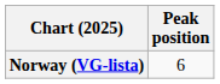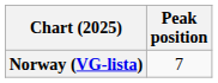 <table class="wikitable plainrowheaders" style="text-align:center">
 <tr>
 <th scope="col">Chart (2025)</th>
 <th scope="col">Peak<br>position</th>
 </tr>
 <tr>
 <th scope="row">Norway (<a href='#'>VG-lista</a>)</th>
-<td>6</td>
+<td>7</td>
 </tr>
 </table>
